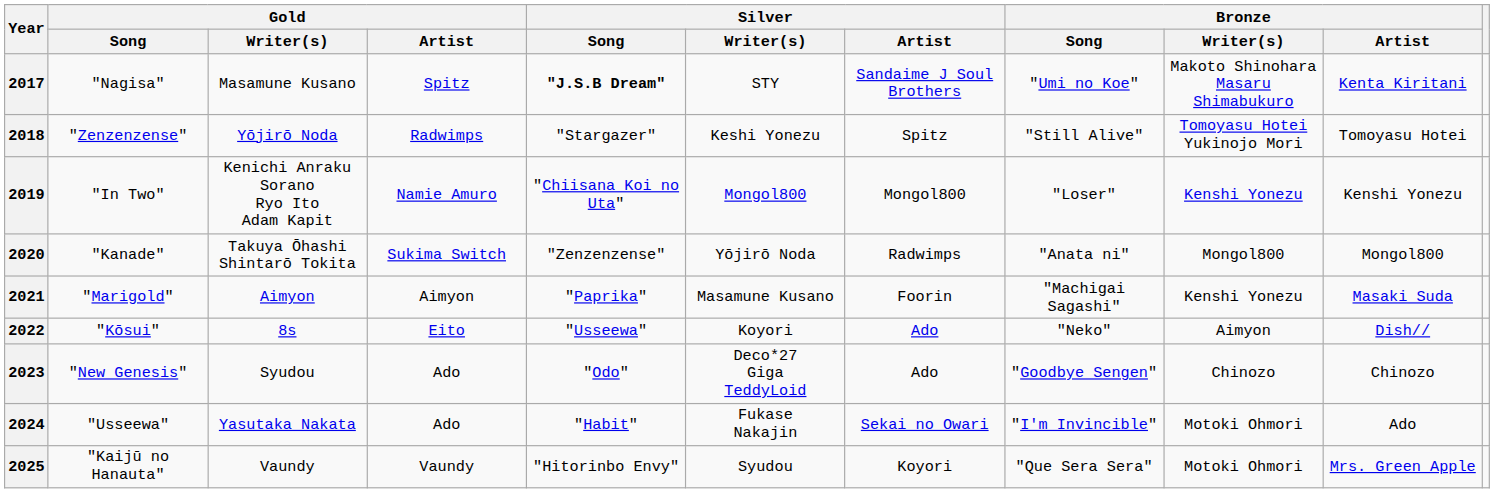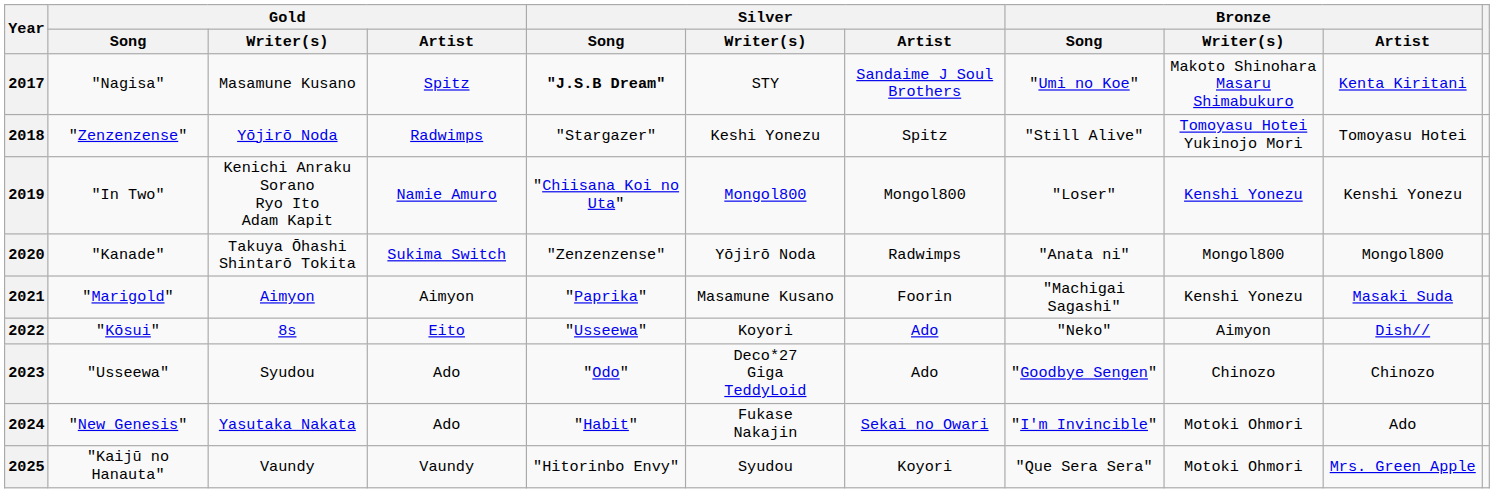 <table class="wikitable plainrowheaders" style="text-align:center">
 <tr>
 <th scope="col" rowspan="2">Year</th>
 <th scope="col" colspan="3">Gold</th>
 <th scope="col" colspan="3">Silver</th>
 <th scope="col" colspan="3">Bronze</th>
 <th scope="col" rowspan="2"></th>
 </tr>
 <tr>
 <th scope="col" style="width:10em">Song</th>
 <th scope="col" style="width:10em">Writer(s)</th>
 <th scope="col" style="width:10em">Artist</th>
 <th scope="col" style="width:10em">Song</th>
 <th scope="col" style="width:10em">Writer(s)</th>
 <th scope="col" style="width:10em">Artist</th>
 <th scope="col" style="width:10em">Song</th>
 <th scope="col" style="width:10em">Writer(s)</th>
 <th scope="col" style="width:10em">Artist</th>
 </tr>
 <tr>
 <th scope="row" style="text-align:center">2017</th>
 <td>"Nagisa"</td>
 <td>Masamune Kusano</td>
 <td><a href='#'>Spitz</a></td>
 <td><strong>"J.S.B Dream"</strong></td>
 <td>STY</td>
 <td><a href='#'>Sandaime J Soul Brothers</a></td>
 <td>"<a href='#'>Umi no Koe</a>"</td>
 <td>Makoto Shinohara<br><a href='#'>Masaru Shimabukuro</a></td>
 <td><a href='#'>Kenta Kiritani</a></td>
 <td></td>
 </tr>
 <tr>
 <th scope="row" style="text-align:center">2018</th>
 <td>"<a href='#'>Zenzenzense</a>"</td>
 <td><a href='#'>Yōjirō Noda</a></td>
 <td><a href='#'>Radwimps</a></td>
 <td>"Stargazer"</td>
 <td>Keshi Yonezu</td>
 <td>Spitz</td>
 <td>"Still Alive"</td>
 <td><a href='#'>Tomoyasu Hotei</a><br>Yukinojo Mori</td>
 <td>Tomoyasu Hotei</td>
 <td></td>
 </tr>
 <tr>
 <th scope="row" style="text-align:center">2019</th>
 <td>"In Two"</td>
 <td>Kenichi Anraku<br>Sorano<br>Ryo Ito<br>Adam Kapit</td>
 <td><a href='#'>Namie Amuro</a></td>
 <td>"<a href='#'>Chiisana Koi no Uta</a>"</td>
 <td><a href='#'>Mongol800</a></td>
 <td>Mongol800</td>
 <td>"Loser"</td>
 <td><a href='#'>Kenshi Yonezu</a></td>
 <td>Kenshi Yonezu</td>
 <td></td>
 </tr>
 <tr>
 <th scope="row" style="text-align:center">2020</th>
 <td>"Kanade"</td>
 <td>Takuya Ōhashi<br>Shintarō Tokita</td>
 <td><a href='#'>Sukima Switch</a></td>
 <td>"Zenzenzense"</td>
 <td>Yōjirō Noda</td>
 <td>Radwimps</td>
 <td>"Anata ni"</td>
 <td>Mongol800</td>
 <td>Mongol800</td>
 <td></td>
 </tr>
 <tr>
 <th scope="row" style="text-align:center">2021</th>
 <td>"<a href='#'>Marigold</a>"</td>
 <td><a href='#'>Aimyon</a></td>
 <td>Aimyon</td>
 <td>"<a href='#'>Paprika</a>"</td>
 <td>Masamune Kusano</td>
 <td>Foorin</td>
 <td>"Machigai Sagashi"</td>
 <td>Kenshi Yonezu</td>
 <td><a href='#'>Masaki Suda</a></td>
 <td></td>
 </tr>
 <tr>
 <th scope="row" style="text-align:center">2022</th>
 <td>"<a href='#'>Kōsui</a>"</td>
 <td><a href='#'>8s</a></td>
 <td><a href='#'>Eito</a></td>
 <td>"<a href='#'>Usseewa</a>"</td>
 <td>Koyori</td>
 <td><a href='#'>Ado</a></td>
 <td>"Neko"</td>
 <td>Aimyon</td>
 <td><a href='#'>Dish//</a></td>
 <td></td>
 </tr>
 <tr>
 <th scope="row" style="text-align:center">2023</th>
-<td>"<a href='#'>New Genesis</a>"</td>
+<td>"Usseewa"</td>
 <td>Syudou</td>
 <td>Ado</td>
 <td>"<a href='#'>Odo</a>"</td>
 <td>Deco*27<br>Giga<br><a href='#'>TeddyLoid</a></td>
 <td>Ado</td>
 <td>"<a href='#'>Goodbye Sengen</a>"</td>
 <td>Chinozo</td>
 <td>Chinozo</td>
 <td></td>
 </tr>
 <tr>
 <th scope="row" style="text-align:center">2024</th>
-<td>"Usseewa"</td>
+<td>"<a href='#'>New Genesis</a>"</td>
 <td><a href='#'>Yasutaka Nakata</a></td>
 <td>Ado</td>
 <td>"<a href='#'>Habit</a>"</td>
 <td>Fukase<br>Nakajin</td>
 <td><a href='#'>Sekai no Owari</a></td>
 <td>"<a href='#'>I'm Invincible</a>"</td>
 <td>Motoki Ohmori</td>
 <td>Ado</td>
 <td></td>
 </tr>
 <tr>
 <th scope="row" style="text-align:center">2025</th>
 <td>"Kaijū no Hanauta"</td>
 <td>Vaundy</td>
 <td>Vaundy</td>
 <td>"Hitorinbo Envy"</td>
 <td>Syudou</td>
 <td>Koyori</td>
 <td>"Que Sera Sera"</td>
 <td>Motoki Ohmori</td>
 <td><a href='#'>Mrs. Green Apple</a></td>
 <td></td>
 </tr>
 </table>
